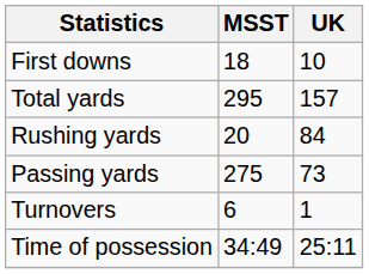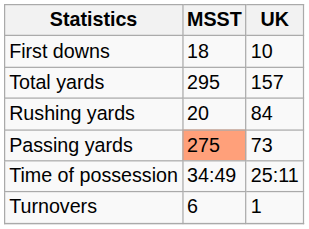 <table class="wikitable">
 <tr>
 <th>Statistics</th>
 <th>MSST</th>
 <th>UK</th>
 </tr>
 <tr>
 <td>First downs</td>
 <td>18</td>
 <td>10</td>
 </tr>
 <tr>
 <td>Total yards</td>
 <td>295</td>
 <td>157</td>
 </tr>
 <tr>
 <td>Rushing yards</td>
 <td>20</td>
 <td>84</td>
 </tr>
 <tr>
 <td>Passing yards</td>
-<td>275</td>
+<td style="background: lightsalmon;">275</td>
 <td>73</td>
+</tr>
+<tr>
+<td>Time of possession</td>
+<td>34:49</td>
+<td>25:11</td>
 </tr>
 <tr>
 <td>Turnovers</td>
 <td>6</td>
 <td>1</td>
 </tr>
 <tr>
-<td>Time of possession</td>
-<td>34:49</td>
-<td>25:11</td>
-</tr>
-<tr>
 </tr>
 </table>
